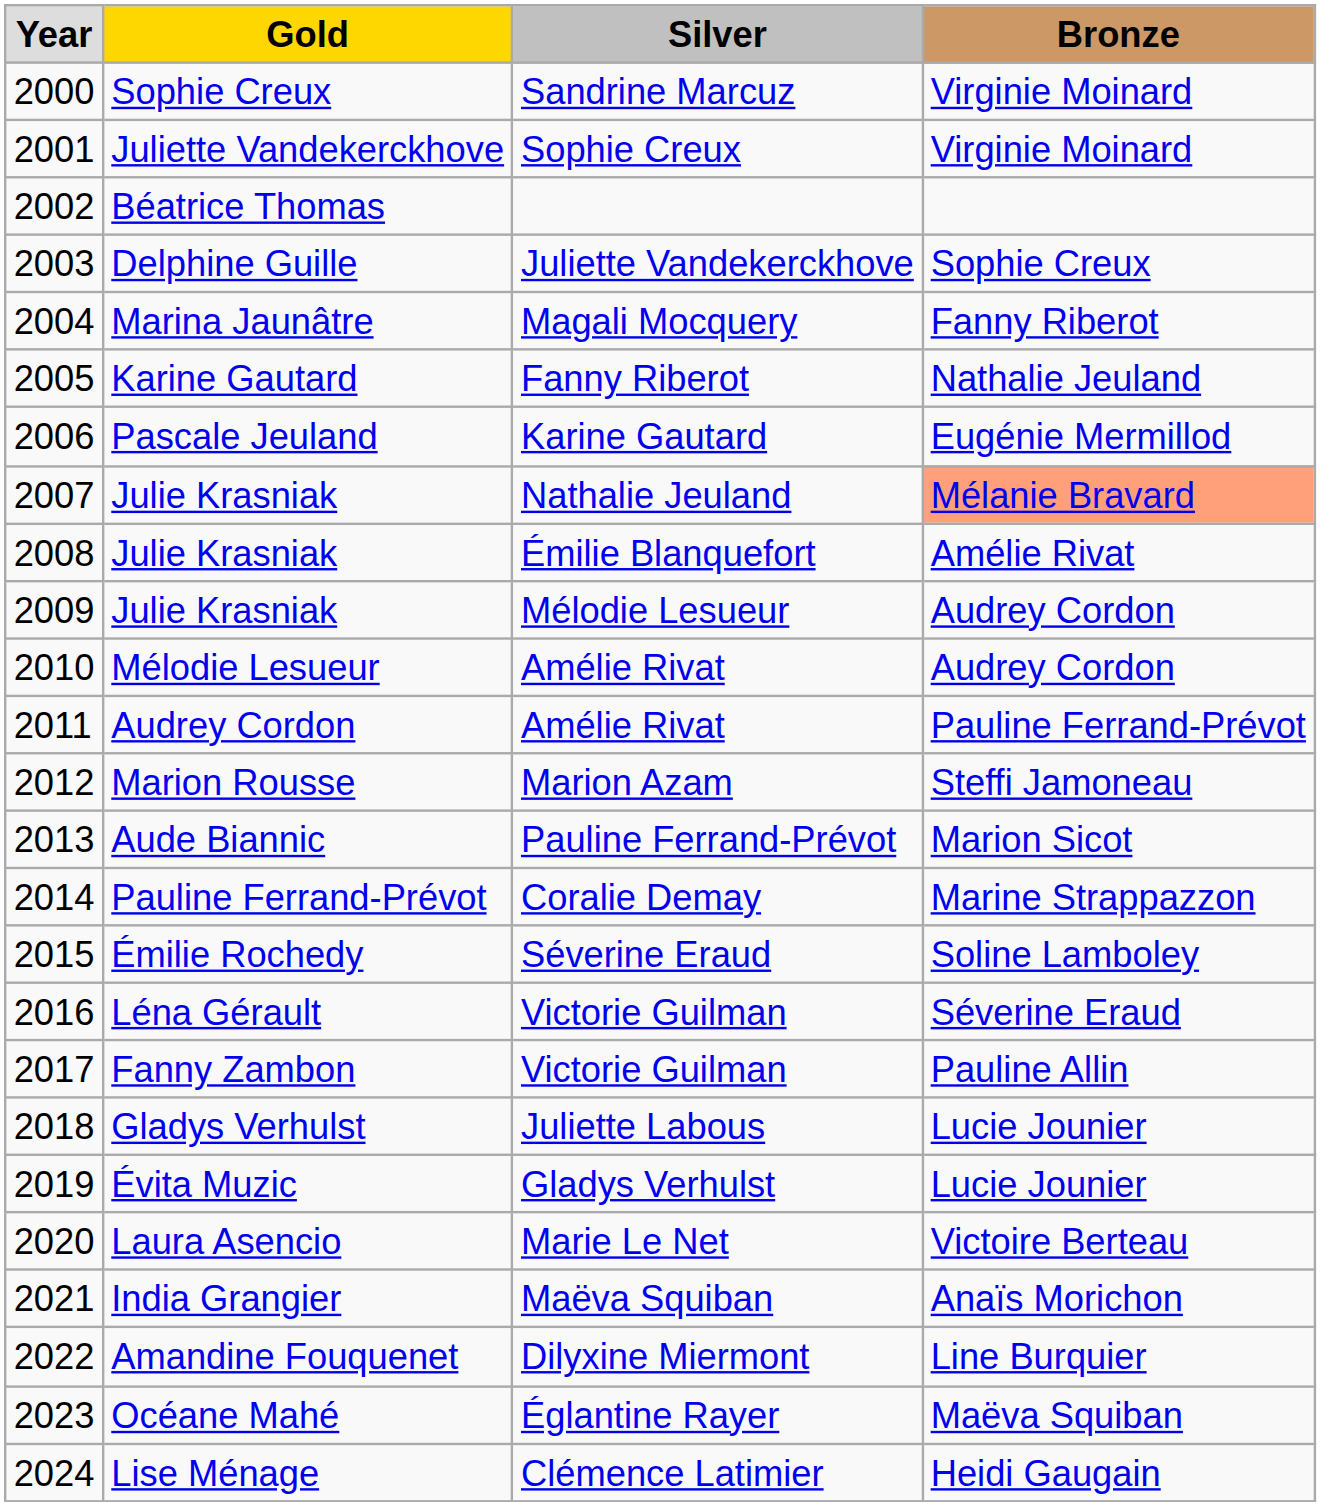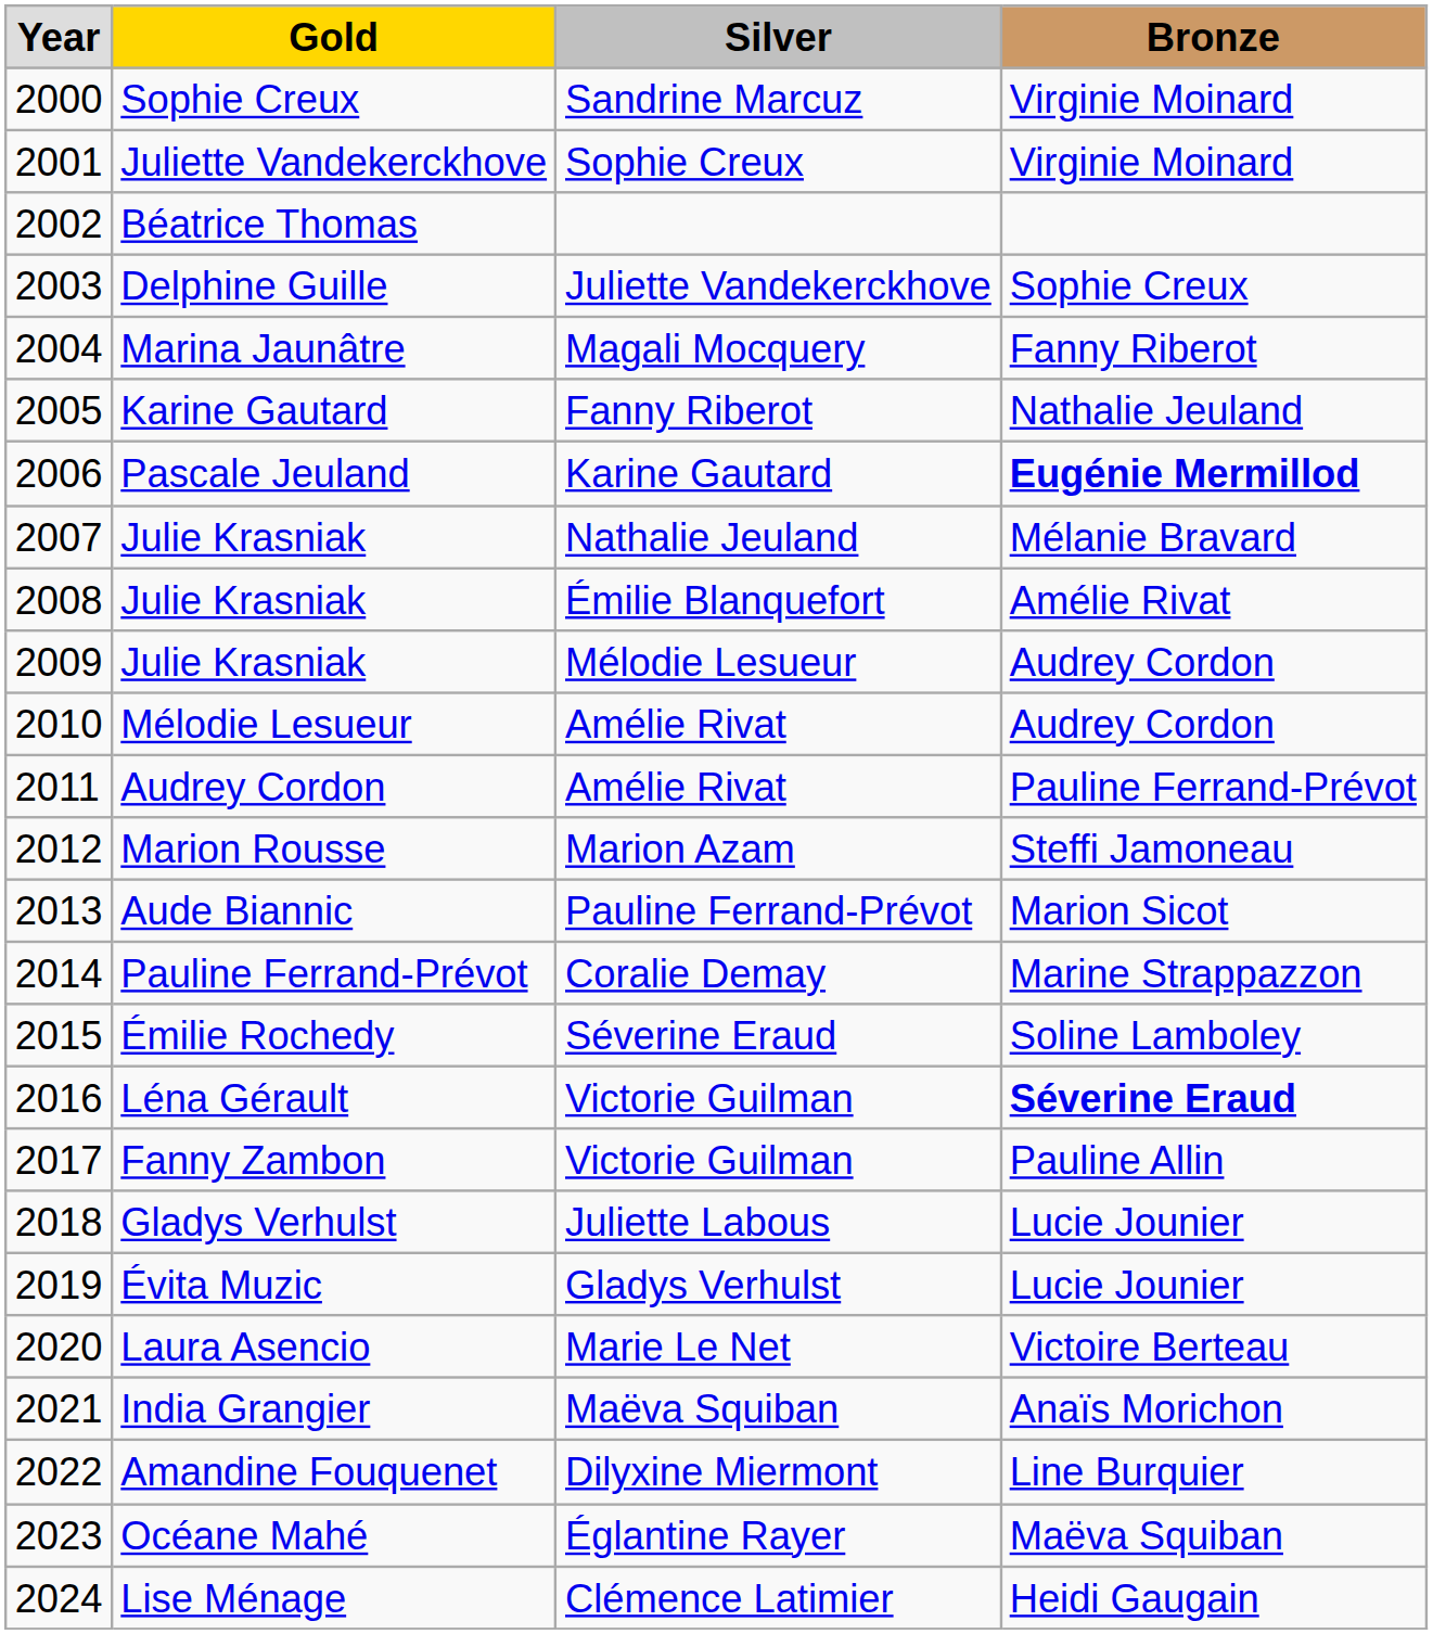 <table class="wikitable sortable" style="font-size:95%">
 <tr style="text-align:center; background:#e4e4e4; font-weight:bold;">
 <td style="background:#ddd; ">Year</td>
 <td style="background:gold; ">Gold</td>
 <td style="background:silver; ">Silver</td>
 <td style="background:#c96; ">Bronze</td>
 </tr>
 <tr>
 <td>2000</td>
 <td><a href='#'>Sophie Creux</a></td>
 <td><a href='#'>Sandrine Marcuz</a></td>
 <td><a href='#'>Virginie Moinard</a></td>
 </tr>
 <tr>
 <td>2001</td>
 <td><a href='#'>Juliette Vandekerckhove</a></td>
 <td><a href='#'>Sophie Creux</a></td>
 <td><a href='#'>Virginie Moinard</a></td>
 </tr>
 <tr>
 <td>2002</td>
 <td><a href='#'>Béatrice Thomas</a></td>
 <td></td>
 <td></td>
 </tr>
 <tr>
 <td>2003</td>
 <td><a href='#'>Delphine Guille</a></td>
 <td><a href='#'>Juliette Vandekerckhove</a></td>
 <td><a href='#'>Sophie Creux</a></td>
 </tr>
 <tr>
 <td>2004</td>
 <td><a href='#'>Marina Jaunâtre</a></td>
 <td><a href='#'>Magali Mocquery</a></td>
 <td><a href='#'>Fanny Riberot</a></td>
 </tr>
 <tr>
 <td>2005</td>
 <td><a href='#'>Karine Gautard</a></td>
 <td><a href='#'>Fanny Riberot</a></td>
 <td><a href='#'>Nathalie Jeuland</a></td>
 </tr>
 <tr>
 <td>2006</td>
 <td><a href='#'>Pascale Jeuland</a></td>
 <td><a href='#'>Karine Gautard</a></td>
-<td><a href='#'>Eugénie Mermillod</a></td>
+<td><strong><a href='#'>Eugénie Mermillod</a></strong></td>
 </tr>
 <tr>
 <td>2007</td>
 <td><a href='#'>Julie Krasniak</a></td>
 <td><a href='#'>Nathalie Jeuland</a></td>
-<td style="background: lightsalmon;"><a href='#'>Mélanie Bravard</a></td>
+<td><a href='#'>Mélanie Bravard</a></td>
 </tr>
 <tr>
 <td>2008</td>
 <td><a href='#'>Julie Krasniak</a></td>
 <td><a href='#'>Émilie Blanquefort</a></td>
 <td><a href='#'>Amélie Rivat</a></td>
 </tr>
 <tr>
 <td>2009</td>
 <td><a href='#'>Julie Krasniak</a></td>
 <td><a href='#'>Mélodie Lesueur</a></td>
 <td><a href='#'>Audrey Cordon</a></td>
 </tr>
 <tr>
 <td>2010</td>
 <td><a href='#'>Mélodie Lesueur</a></td>
 <td><a href='#'>Amélie Rivat</a></td>
 <td><a href='#'>Audrey Cordon</a></td>
 </tr>
 <tr>
 <td>2011</td>
 <td><a href='#'>Audrey Cordon</a></td>
 <td><a href='#'>Amélie Rivat</a></td>
 <td><a href='#'>Pauline Ferrand-Prévot</a></td>
 </tr>
 <tr>
 <td>2012</td>
 <td><a href='#'>Marion Rousse</a></td>
 <td><a href='#'>Marion Azam</a></td>
 <td><a href='#'>Steffi Jamoneau</a></td>
 </tr>
 <tr>
 <td>2013</td>
 <td><a href='#'>Aude Biannic</a></td>
 <td><a href='#'>Pauline Ferrand-Prévot</a></td>
 <td><a href='#'>Marion Sicot</a></td>
 </tr>
 <tr>
 <td>2014</td>
 <td><a href='#'>Pauline Ferrand-Prévot</a></td>
 <td><a href='#'>Coralie Demay</a></td>
 <td><a href='#'>Marine Strappazzon</a></td>
 </tr>
 <tr>
 <td>2015</td>
 <td><a href='#'>Émilie Rochedy</a></td>
 <td><a href='#'>Séverine Eraud</a></td>
 <td><a href='#'>Soline Lamboley</a></td>
 </tr>
 <tr>
 <td>2016</td>
 <td><a href='#'>Léna Gérault</a></td>
 <td><a href='#'>Victorie Guilman</a></td>
-<td><a href='#'>Séverine Eraud</a></td>
+<td><strong><a href='#'>Séverine Eraud</a></strong></td>
 </tr>
 <tr>
 <td>2017</td>
 <td><a href='#'>Fanny Zambon</a></td>
 <td><a href='#'>Victorie Guilman</a></td>
 <td><a href='#'>Pauline Allin</a></td>
 </tr>
 <tr>
 <td>2018</td>
 <td><a href='#'>Gladys Verhulst</a></td>
 <td><a href='#'>Juliette Labous</a></td>
 <td><a href='#'>Lucie Jounier</a></td>
 </tr>
 <tr>
 <td>2019</td>
 <td><a href='#'>Évita Muzic</a></td>
 <td><a href='#'>Gladys Verhulst</a></td>
 <td><a href='#'>Lucie Jounier</a></td>
 </tr>
 <tr>
 <td>2020</td>
 <td><a href='#'>Laura Asencio</a></td>
 <td><a href='#'>Marie Le Net</a></td>
 <td><a href='#'>Victoire Berteau</a></td>
 </tr>
 <tr>
 <td>2021</td>
 <td><a href='#'>India Grangier</a></td>
 <td><a href='#'>Maëva Squiban</a></td>
 <td><a href='#'>Anaïs Morichon</a></td>
 </tr>
 <tr>
 <td>2022</td>
 <td><a href='#'>Amandine Fouquenet</a></td>
 <td><a href='#'>Dilyxine Miermont</a></td>
 <td><a href='#'>Line Burquier</a></td>
 </tr>
 <tr>
 <td>2023</td>
 <td><a href='#'>Océane Mahé</a></td>
 <td><a href='#'>Églantine Rayer</a></td>
 <td><a href='#'>Maëva Squiban</a></td>
 </tr>
 <tr>
 <td>2024</td>
 <td><a href='#'>Lise Ménage</a></td>
 <td><a href='#'>Clémence Latimier</a></td>
 <td><a href='#'>Heidi Gaugain</a></td>
 </tr>
 </table>
